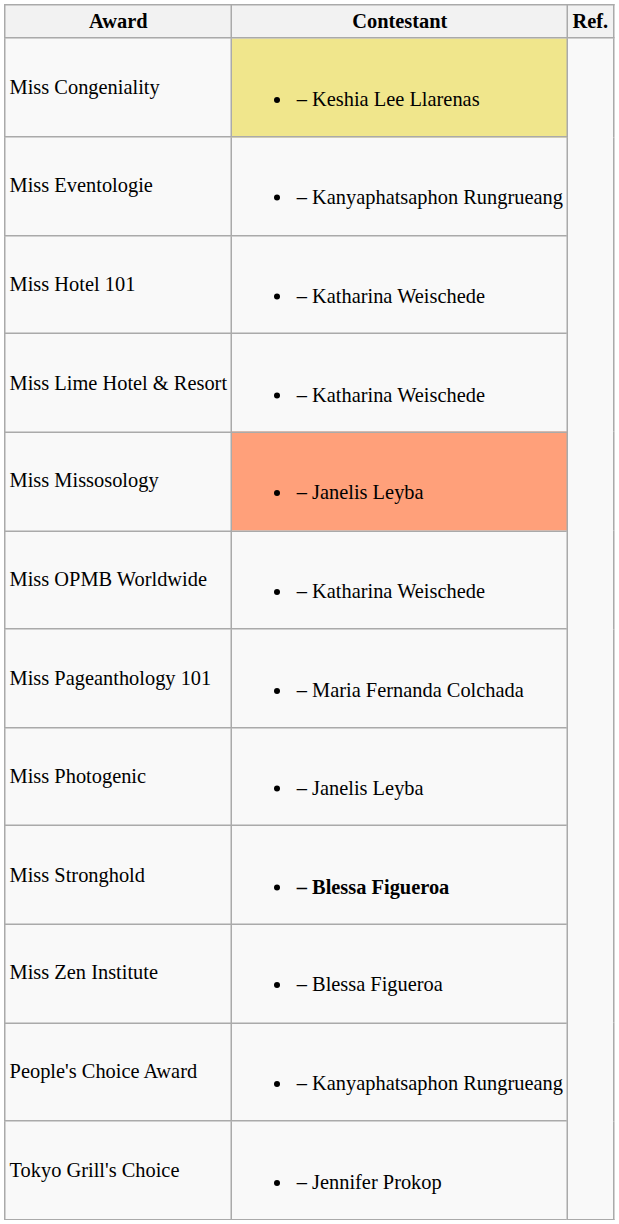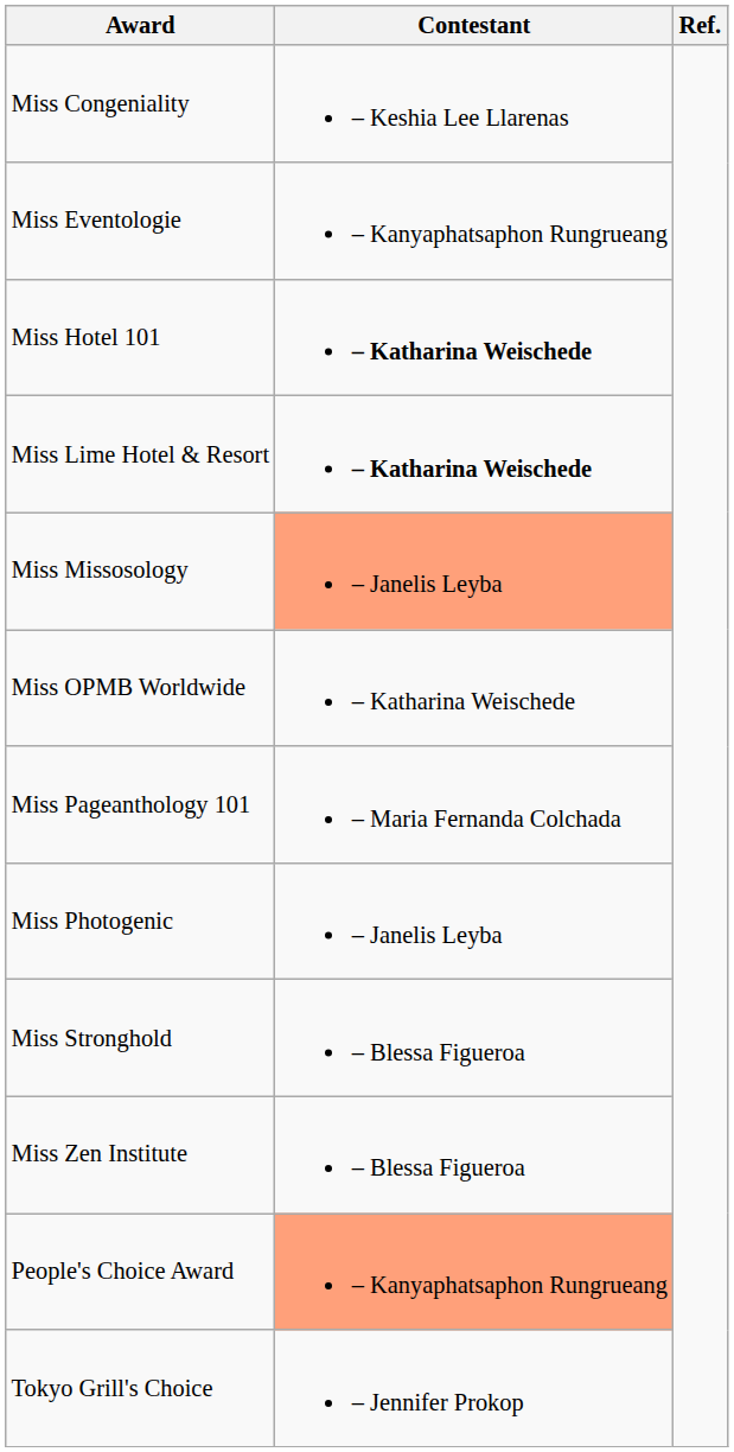 <table class="wikitable sortable" style="font-size: 85%;">
 <tr>
 <th>Award</th>
 <th>Contestant</th>
 <th>Ref.</th>
 </tr>
 <tr>
 <td>Miss Congeniality</td>
-<td style="background: khaki;"><br><ul><li> – Keshia Lee Llarenas</li></ul></td>
+<td><br><ul><li> – Keshia Lee Llarenas</li></ul></td>
 <td rowspan=12></td>
 </tr>
 <tr>
 <td>Miss Eventologie</td>
 <td><br><ul><li> – Kanyaphatsaphon Rungrueang</li></ul></td>
 </tr>
 <tr>
 <td>Miss Hotel 101</td>
-<td><br><ul><li> – Katharina Weischede</li></ul></td>
+<td><strong><br><ul><li> – Katharina Weischede</li></ul></strong></td>
 </tr>
 <tr>
 <td>Miss Lime Hotel & Resort</td>
-<td><br><ul><li> – Katharina Weischede</li></ul></td>
+<td><strong><br><ul><li> – Katharina Weischede</li></ul></strong></td>
 </tr>
 <tr>
 <td>Miss Missosology</td>
 <td style="background: lightsalmon;"><br><ul><li> – Janelis Leyba</li></ul></td>
 </tr>
 <tr>
 <td>Miss OPMB Worldwide</td>
 <td><br><ul><li> – Katharina Weischede</li></ul></td>
 </tr>
 <tr>
 <td>Miss Pageanthology 101</td>
 <td><br><ul><li> – Maria Fernanda Colchada</li></ul></td>
 </tr>
 <tr>
 <td>Miss Photogenic</td>
 <td><br><ul><li> – Janelis Leyba</li></ul></td>
 </tr>
 <tr>
 <td>Miss Stronghold</td>
-<td><strong><br><ul><li> – Blessa Figueroa</li></ul></strong></td>
+<td><br><ul><li> – Blessa Figueroa</li></ul></td>
 </tr>
 <tr>
 <td>Miss Zen Institute</td>
 <td><br><ul><li> – Blessa Figueroa</li></ul></td>
 </tr>
 <tr>
 <td>People's Choice Award</td>
-<td><br><ul><li> – Kanyaphatsaphon Rungrueang</li></ul></td>
+<td style="background: lightsalmon;"><br><ul><li> – Kanyaphatsaphon Rungrueang</li></ul></td>
 </tr>
 <tr>
 <td>Tokyo Grill's Choice</td>
 <td><br><ul><li> – Jennifer Prokop</li></ul></td>
 </tr>
 </table>
